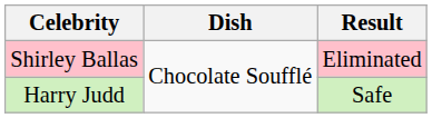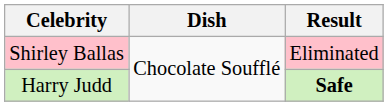 <table class="wikitable" style="text-align:center;">
 <tr>
 <th>Celebrity</th>
 <th>Dish</th>
 <th>Result</th>
 </tr>
 <tr>
 <td style="background:pink;">Shirley Ballas</td>
 <td rowspan="2">Chocolate Soufflé</td>
 <td style="background:pink;">Eliminated</td>
 </tr>
 <tr>
 <td style="background:#d0f0c0;">Harry Judd</td>
-<td style="background:#d0f0c0;">Safe</td>
+<td style="background:#d0f0c0;"><strong>Safe</strong></td>
 </tr>
 </table>
